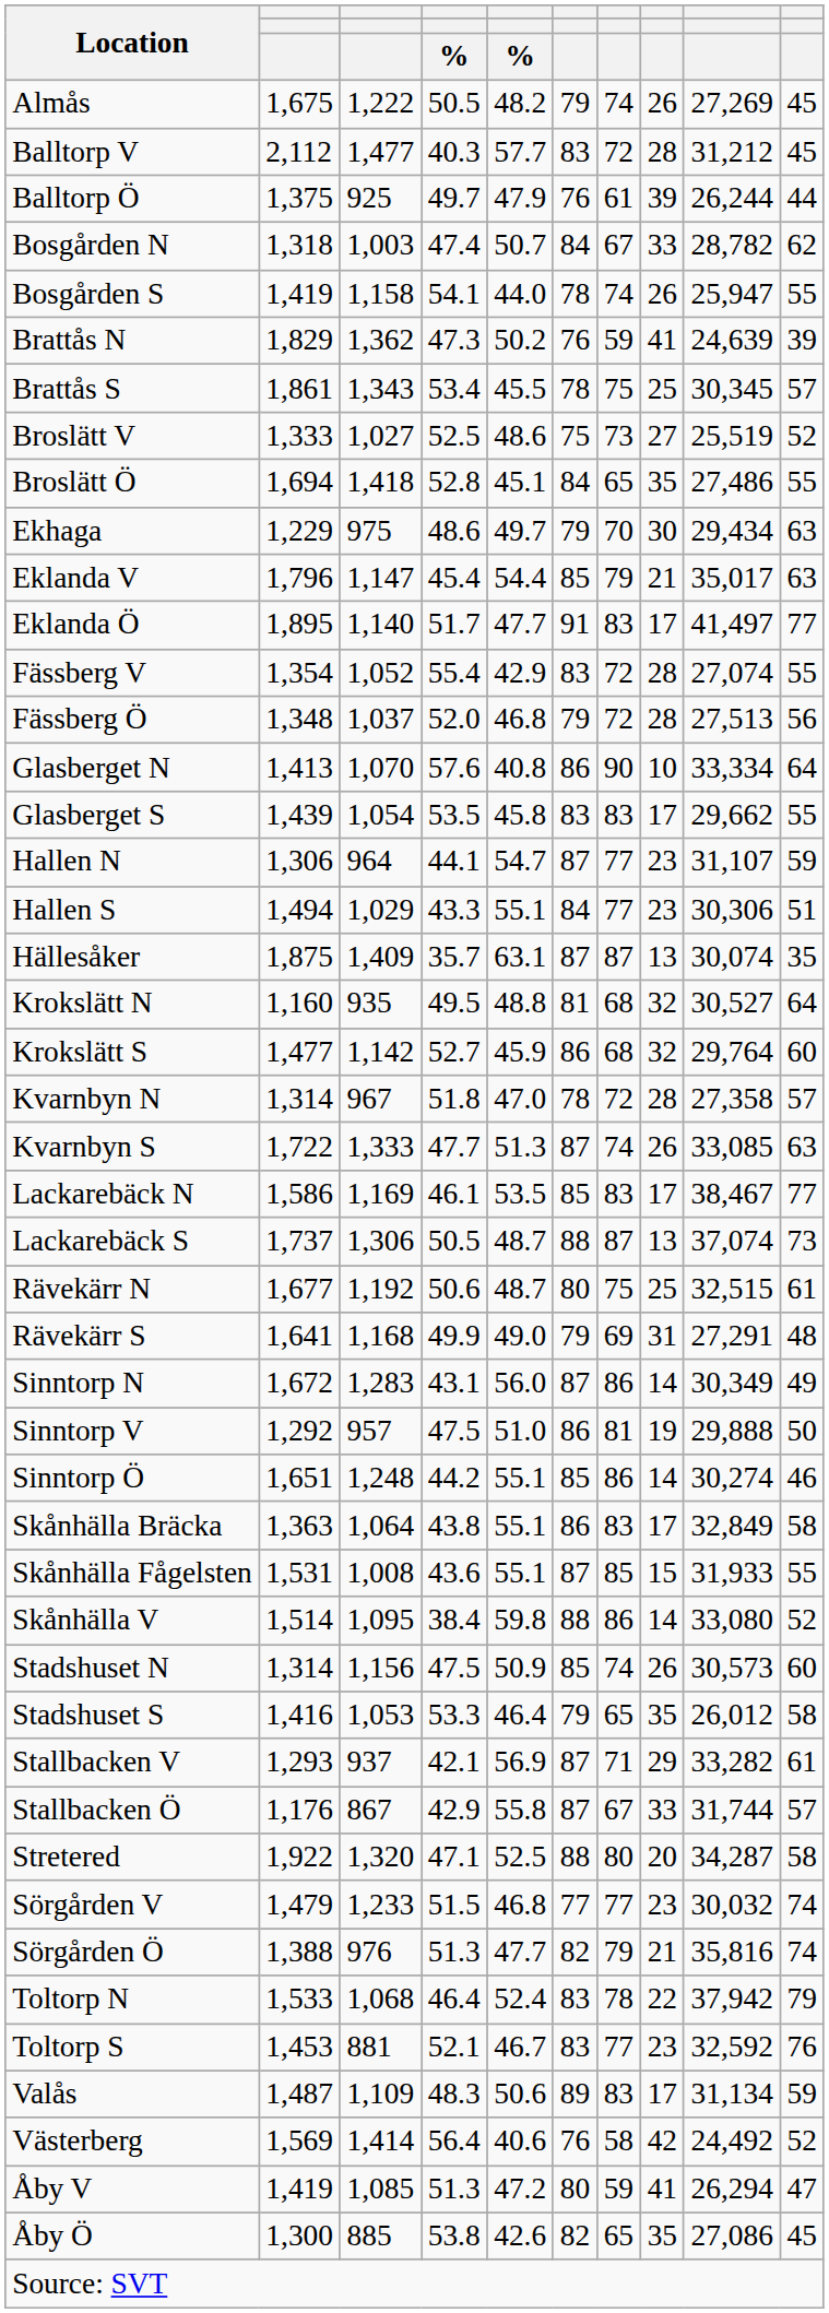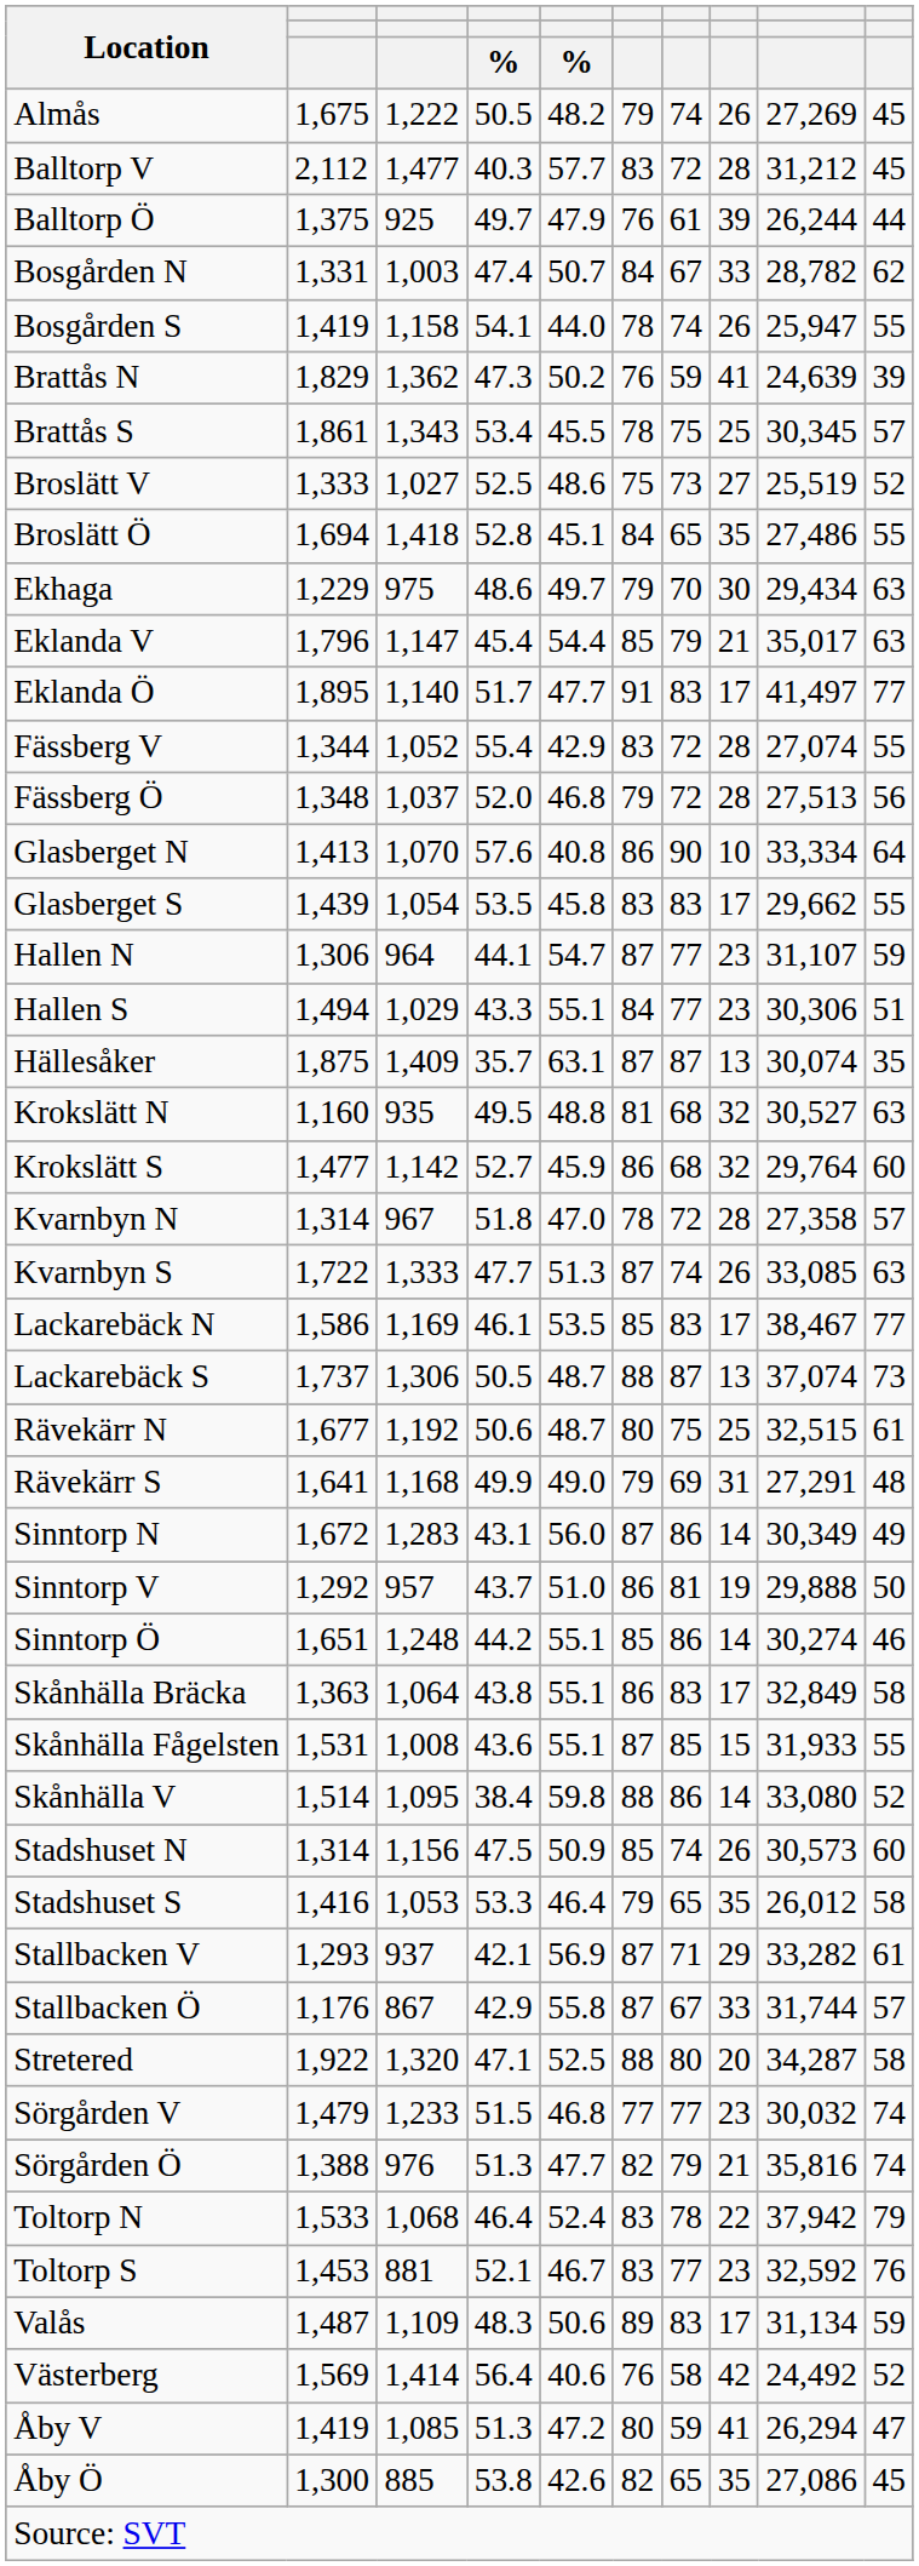 <table role="presentation" class="wikitable sortable mw-collapsible mw-collapsed">
 <tr>
 <th rowspan="3">Location</th>
 <th></th>
 <th></th>
 <th></th>
 <th></th>
 <th></th>
 <th></th>
 <th></th>
 <th></th>
 <th></th>
 </tr>
 <tr>
 <th></th>
 <th></th>
 <th style="background:"></th>
 <th style="background:"></th>
 <th></th>
 <th></th>
 <th></th>
 <th></th>
 <th></th>
 </tr>
 <tr>
 <th data-sort-type="number"></th>
 <th data-sort-type="number"></th>
 <th data-sort-type="number">%</th>
 <th data-sort-type="number">%</th>
 <th data-sort-type="number"></th>
 <th data-sort-type="number"></th>
 <th data-sort-type="number"></th>
 <th data-sort-type="number"></th>
 <th data-sort-type="number"></th>
 </tr>
 <tr>
 <td align="left">Almås</td>
 <td>1,675</td>
 <td>1,222</td>
 <td>50.5</td>
 <td>48.2</td>
 <td>79</td>
 <td>74</td>
 <td>26</td>
 <td>27,269</td>
 <td>45</td>
 </tr>
 <tr>
 <td align="left">Balltorp V</td>
 <td>2,112</td>
 <td>1,477</td>
 <td>40.3</td>
 <td>57.7</td>
 <td>83</td>
 <td>72</td>
 <td>28</td>
 <td>31,212</td>
 <td>45</td>
 </tr>
 <tr>
 <td align="left">Balltorp Ö</td>
 <td>1,375</td>
 <td>925</td>
 <td>49.7</td>
 <td>47.9</td>
 <td>76</td>
 <td>61</td>
 <td>39</td>
 <td>26,244</td>
 <td>44</td>
 </tr>
 <tr>
 <td align="left">Bosgården N</td>
-<td>1,318</td>
+<td>1,331</td>
 <td>1,003</td>
 <td>47.4</td>
 <td>50.7</td>
 <td>84</td>
 <td>67</td>
 <td>33</td>
 <td>28,782</td>
 <td>62</td>
 </tr>
 <tr>
 <td align="left">Bosgården S</td>
 <td>1,419</td>
 <td>1,158</td>
 <td>54.1</td>
 <td>44.0</td>
 <td>78</td>
 <td>74</td>
 <td>26</td>
 <td>25,947</td>
 <td>55</td>
 </tr>
 <tr>
 <td align="left">Brattås N</td>
 <td>1,829</td>
 <td>1,362</td>
 <td>47.3</td>
 <td>50.2</td>
 <td>76</td>
 <td>59</td>
 <td>41</td>
 <td>24,639</td>
 <td>39</td>
 </tr>
 <tr>
 <td align="left">Brattås S</td>
 <td>1,861</td>
 <td>1,343</td>
 <td>53.4</td>
 <td>45.5</td>
 <td>78</td>
 <td>75</td>
 <td>25</td>
 <td>30,345</td>
 <td>57</td>
 </tr>
 <tr>
 <td align="left">Broslätt V</td>
 <td>1,333</td>
 <td>1,027</td>
 <td>52.5</td>
 <td>48.6</td>
 <td>75</td>
 <td>73</td>
 <td>27</td>
 <td>25,519</td>
 <td>52</td>
 </tr>
 <tr>
 <td align="left">Broslätt Ö</td>
 <td>1,694</td>
 <td>1,418</td>
 <td>52.8</td>
 <td>45.1</td>
 <td>84</td>
 <td>65</td>
 <td>35</td>
 <td>27,486</td>
 <td>55</td>
 </tr>
 <tr>
 <td align="left">Ekhaga</td>
 <td>1,229</td>
 <td>975</td>
 <td>48.6</td>
 <td>49.7</td>
 <td>79</td>
 <td>70</td>
 <td>30</td>
 <td>29,434</td>
 <td>63</td>
 </tr>
 <tr>
 <td align="left">Eklanda V</td>
 <td>1,796</td>
 <td>1,147</td>
 <td>45.4</td>
 <td>54.4</td>
 <td>85</td>
 <td>79</td>
 <td>21</td>
 <td>35,017</td>
 <td>63</td>
 </tr>
 <tr>
 <td align="left">Eklanda Ö</td>
 <td>1,895</td>
 <td>1,140</td>
 <td>51.7</td>
 <td>47.7</td>
 <td>91</td>
 <td>83</td>
 <td>17</td>
 <td>41,497</td>
 <td>77</td>
 </tr>
 <tr>
 <td align="left">Fässberg V</td>
-<td>1,354</td>
+<td>1,344</td>
 <td>1,052</td>
 <td>55.4</td>
 <td>42.9</td>
 <td>83</td>
 <td>72</td>
 <td>28</td>
 <td>27,074</td>
 <td>55</td>
 </tr>
 <tr>
 <td align="left">Fässberg Ö</td>
 <td>1,348</td>
 <td>1,037</td>
 <td>52.0</td>
 <td>46.8</td>
 <td>79</td>
 <td>72</td>
 <td>28</td>
 <td>27,513</td>
 <td>56</td>
 </tr>
 <tr>
 <td align="left">Glasberget N</td>
 <td>1,413</td>
 <td>1,070</td>
 <td>57.6</td>
 <td>40.8</td>
 <td>86</td>
 <td>90</td>
 <td>10</td>
 <td>33,334</td>
 <td>64</td>
 </tr>
 <tr>
 <td align="left">Glasberget S</td>
 <td>1,439</td>
 <td>1,054</td>
 <td>53.5</td>
 <td>45.8</td>
 <td>83</td>
 <td>83</td>
 <td>17</td>
 <td>29,662</td>
 <td>55</td>
 </tr>
 <tr>
 <td align="left">Hallen N</td>
 <td>1,306</td>
 <td>964</td>
 <td>44.1</td>
 <td>54.7</td>
 <td>87</td>
 <td>77</td>
 <td>23</td>
 <td>31,107</td>
 <td>59</td>
 </tr>
 <tr>
 <td align="left">Hallen S</td>
 <td>1,494</td>
 <td>1,029</td>
 <td>43.3</td>
 <td>55.1</td>
 <td>84</td>
 <td>77</td>
 <td>23</td>
 <td>30,306</td>
 <td>51</td>
 </tr>
 <tr>
 <td align="left">Hällesåker</td>
 <td>1,875</td>
 <td>1,409</td>
 <td>35.7</td>
 <td>63.1</td>
 <td>87</td>
 <td>87</td>
 <td>13</td>
 <td>30,074</td>
 <td>35</td>
 </tr>
 <tr>
 <td align="left">Krokslätt N</td>
 <td>1,160</td>
 <td>935</td>
 <td>49.5</td>
 <td>48.8</td>
 <td>81</td>
 <td>68</td>
 <td>32</td>
 <td>30,527</td>
-<td>64</td>
+<td>63</td>
 </tr>
 <tr>
 <td align="left">Krokslätt S</td>
 <td>1,477</td>
 <td>1,142</td>
 <td>52.7</td>
 <td>45.9</td>
 <td>86</td>
 <td>68</td>
 <td>32</td>
 <td>29,764</td>
 <td>60</td>
 </tr>
 <tr>
 <td align="left">Kvarnbyn N</td>
 <td>1,314</td>
 <td>967</td>
 <td>51.8</td>
 <td>47.0</td>
 <td>78</td>
 <td>72</td>
 <td>28</td>
 <td>27,358</td>
 <td>57</td>
 </tr>
 <tr>
 <td align="left">Kvarnbyn S</td>
 <td>1,722</td>
 <td>1,333</td>
 <td>47.7</td>
 <td>51.3</td>
 <td>87</td>
 <td>74</td>
 <td>26</td>
 <td>33,085</td>
 <td>63</td>
 </tr>
 <tr>
 <td align="left">Lackarebäck N</td>
 <td>1,586</td>
 <td>1,169</td>
 <td>46.1</td>
 <td>53.5</td>
 <td>85</td>
 <td>83</td>
 <td>17</td>
 <td>38,467</td>
 <td>77</td>
 </tr>
 <tr>
 <td align="left">Lackarebäck S</td>
 <td>1,737</td>
 <td>1,306</td>
 <td>50.5</td>
 <td>48.7</td>
 <td>88</td>
 <td>87</td>
 <td>13</td>
 <td>37,074</td>
 <td>73</td>
 </tr>
 <tr>
 <td align="left">Rävekärr N</td>
 <td>1,677</td>
 <td>1,192</td>
 <td>50.6</td>
 <td>48.7</td>
 <td>80</td>
 <td>75</td>
 <td>25</td>
 <td>32,515</td>
 <td>61</td>
 </tr>
 <tr>
 <td align="left">Rävekärr S</td>
 <td>1,641</td>
 <td>1,168</td>
 <td>49.9</td>
 <td>49.0</td>
 <td>79</td>
 <td>69</td>
 <td>31</td>
 <td>27,291</td>
 <td>48</td>
 </tr>
 <tr>
 <td align="left">Sinntorp N</td>
 <td>1,672</td>
 <td>1,283</td>
 <td>43.1</td>
 <td>56.0</td>
 <td>87</td>
 <td>86</td>
 <td>14</td>
 <td>30,349</td>
 <td>49</td>
 </tr>
 <tr>
 <td align="left">Sinntorp V</td>
 <td>1,292</td>
 <td>957</td>
-<td>47.5</td>
+<td>43.7</td>
 <td>51.0</td>
 <td>86</td>
 <td>81</td>
 <td>19</td>
 <td>29,888</td>
 <td>50</td>
 </tr>
 <tr>
 <td align="left">Sinntorp Ö</td>
 <td>1,651</td>
 <td>1,248</td>
 <td>44.2</td>
 <td>55.1</td>
 <td>85</td>
 <td>86</td>
 <td>14</td>
 <td>30,274</td>
 <td>46</td>
 </tr>
 <tr>
 <td align="left">Skånhälla Bräcka</td>
 <td>1,363</td>
 <td>1,064</td>
 <td>43.8</td>
 <td>55.1</td>
 <td>86</td>
 <td>83</td>
 <td>17</td>
 <td>32,849</td>
 <td>58</td>
 </tr>
 <tr>
 <td align="left">Skånhälla Fågelsten</td>
 <td>1,531</td>
 <td>1,008</td>
 <td>43.6</td>
 <td>55.1</td>
 <td>87</td>
 <td>85</td>
 <td>15</td>
 <td>31,933</td>
 <td>55</td>
 </tr>
 <tr>
 <td align="left">Skånhälla V</td>
 <td>1,514</td>
 <td>1,095</td>
 <td>38.4</td>
 <td>59.8</td>
 <td>88</td>
 <td>86</td>
 <td>14</td>
 <td>33,080</td>
 <td>52</td>
 </tr>
 <tr>
 <td align="left">Stadshuset N</td>
 <td>1,314</td>
 <td>1,156</td>
 <td>47.5</td>
 <td>50.9</td>
 <td>85</td>
 <td>74</td>
 <td>26</td>
 <td>30,573</td>
 <td>60</td>
 </tr>
 <tr>
 <td align="left">Stadshuset S</td>
 <td>1,416</td>
 <td>1,053</td>
 <td>53.3</td>
 <td>46.4</td>
 <td>79</td>
 <td>65</td>
 <td>35</td>
 <td>26,012</td>
 <td>58</td>
 </tr>
 <tr>
 <td align="left">Stallbacken V</td>
 <td>1,293</td>
 <td>937</td>
 <td>42.1</td>
 <td>56.9</td>
 <td>87</td>
 <td>71</td>
 <td>29</td>
 <td>33,282</td>
 <td>61</td>
 </tr>
 <tr>
 <td align="left">Stallbacken Ö</td>
 <td>1,176</td>
 <td>867</td>
 <td>42.9</td>
 <td>55.8</td>
 <td>87</td>
 <td>67</td>
 <td>33</td>
 <td>31,744</td>
 <td>57</td>
 </tr>
 <tr>
 <td align="left">Stretered</td>
 <td>1,922</td>
 <td>1,320</td>
 <td>47.1</td>
 <td>52.5</td>
 <td>88</td>
 <td>80</td>
 <td>20</td>
 <td>34,287</td>
 <td>58</td>
 </tr>
 <tr>
 <td align="left">Sörgården V</td>
 <td>1,479</td>
 <td>1,233</td>
 <td>51.5</td>
 <td>46.8</td>
 <td>77</td>
 <td>77</td>
 <td>23</td>
 <td>30,032</td>
 <td>74</td>
 </tr>
 <tr>
 <td align="left">Sörgården Ö</td>
 <td>1,388</td>
 <td>976</td>
 <td>51.3</td>
 <td>47.7</td>
 <td>82</td>
 <td>79</td>
 <td>21</td>
 <td>35,816</td>
 <td>74</td>
 </tr>
 <tr>
 <td align="left">Toltorp N</td>
 <td>1,533</td>
 <td>1,068</td>
 <td>46.4</td>
 <td>52.4</td>
 <td>83</td>
 <td>78</td>
 <td>22</td>
 <td>37,942</td>
 <td>79</td>
 </tr>
 <tr>
 <td align="left">Toltorp S</td>
 <td>1,453</td>
 <td>881</td>
 <td>52.1</td>
 <td>46.7</td>
 <td>83</td>
 <td>77</td>
 <td>23</td>
 <td>32,592</td>
 <td>76</td>
 </tr>
 <tr>
 <td align="left">Valås</td>
 <td>1,487</td>
 <td>1,109</td>
 <td>48.3</td>
 <td>50.6</td>
 <td>89</td>
 <td>83</td>
 <td>17</td>
 <td>31,134</td>
 <td>59</td>
 </tr>
 <tr>
 <td align="left">Västerberg</td>
 <td>1,569</td>
 <td>1,414</td>
 <td>56.4</td>
 <td>40.6</td>
 <td>76</td>
 <td>58</td>
 <td>42</td>
 <td>24,492</td>
 <td>52</td>
 </tr>
 <tr>
 <td align="left">Åby V</td>
 <td>1,419</td>
 <td>1,085</td>
 <td>51.3</td>
 <td>47.2</td>
 <td>80</td>
 <td>59</td>
 <td>41</td>
 <td>26,294</td>
 <td>47</td>
 </tr>
 <tr>
 <td align="left">Åby Ö</td>
 <td>1,300</td>
 <td>885</td>
 <td>53.8</td>
 <td>42.6</td>
 <td>82</td>
 <td>65</td>
 <td>35</td>
 <td>27,086</td>
 <td>45</td>
 </tr>
 <tr>
 <td colspan="10" align="left">Source: <a href='#'>SVT</a></td>
 </tr>
 </table>
